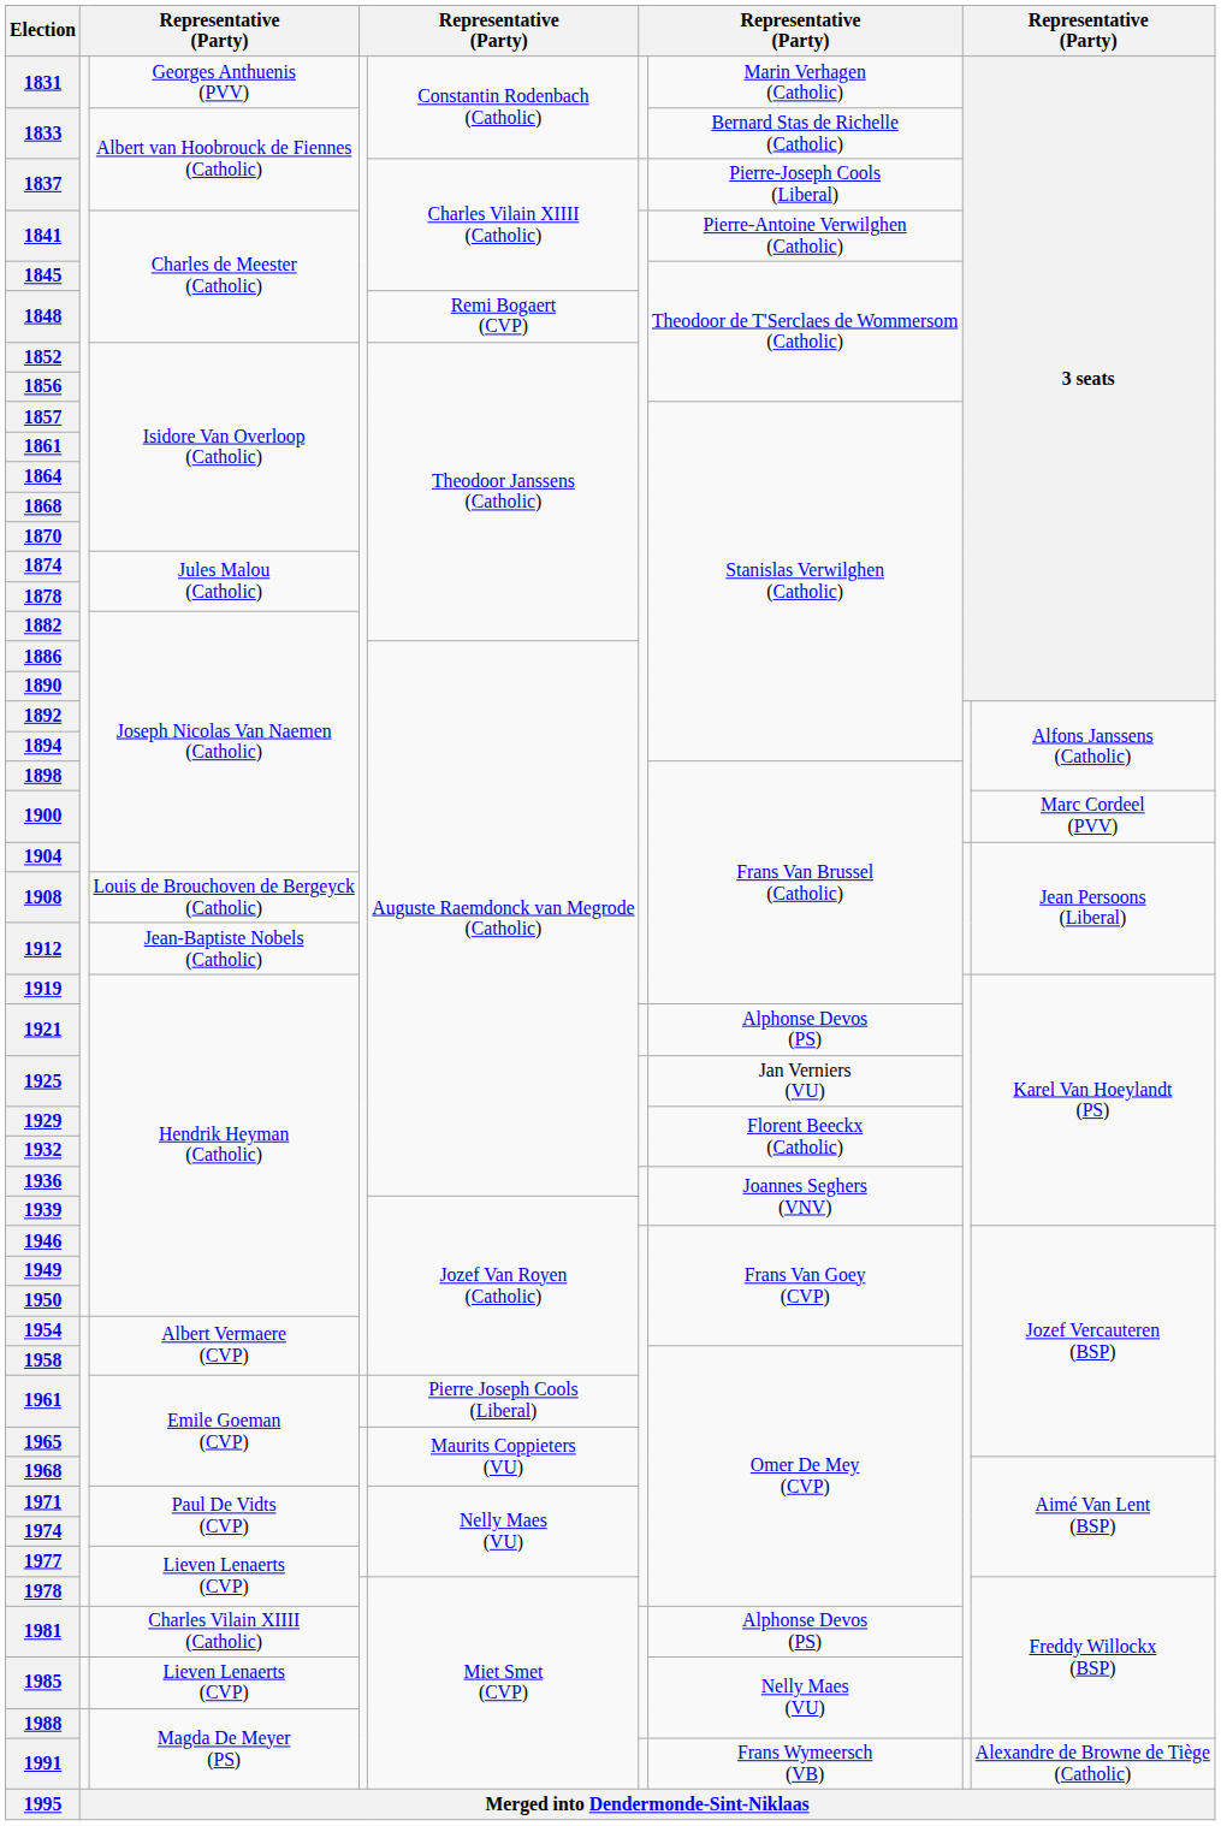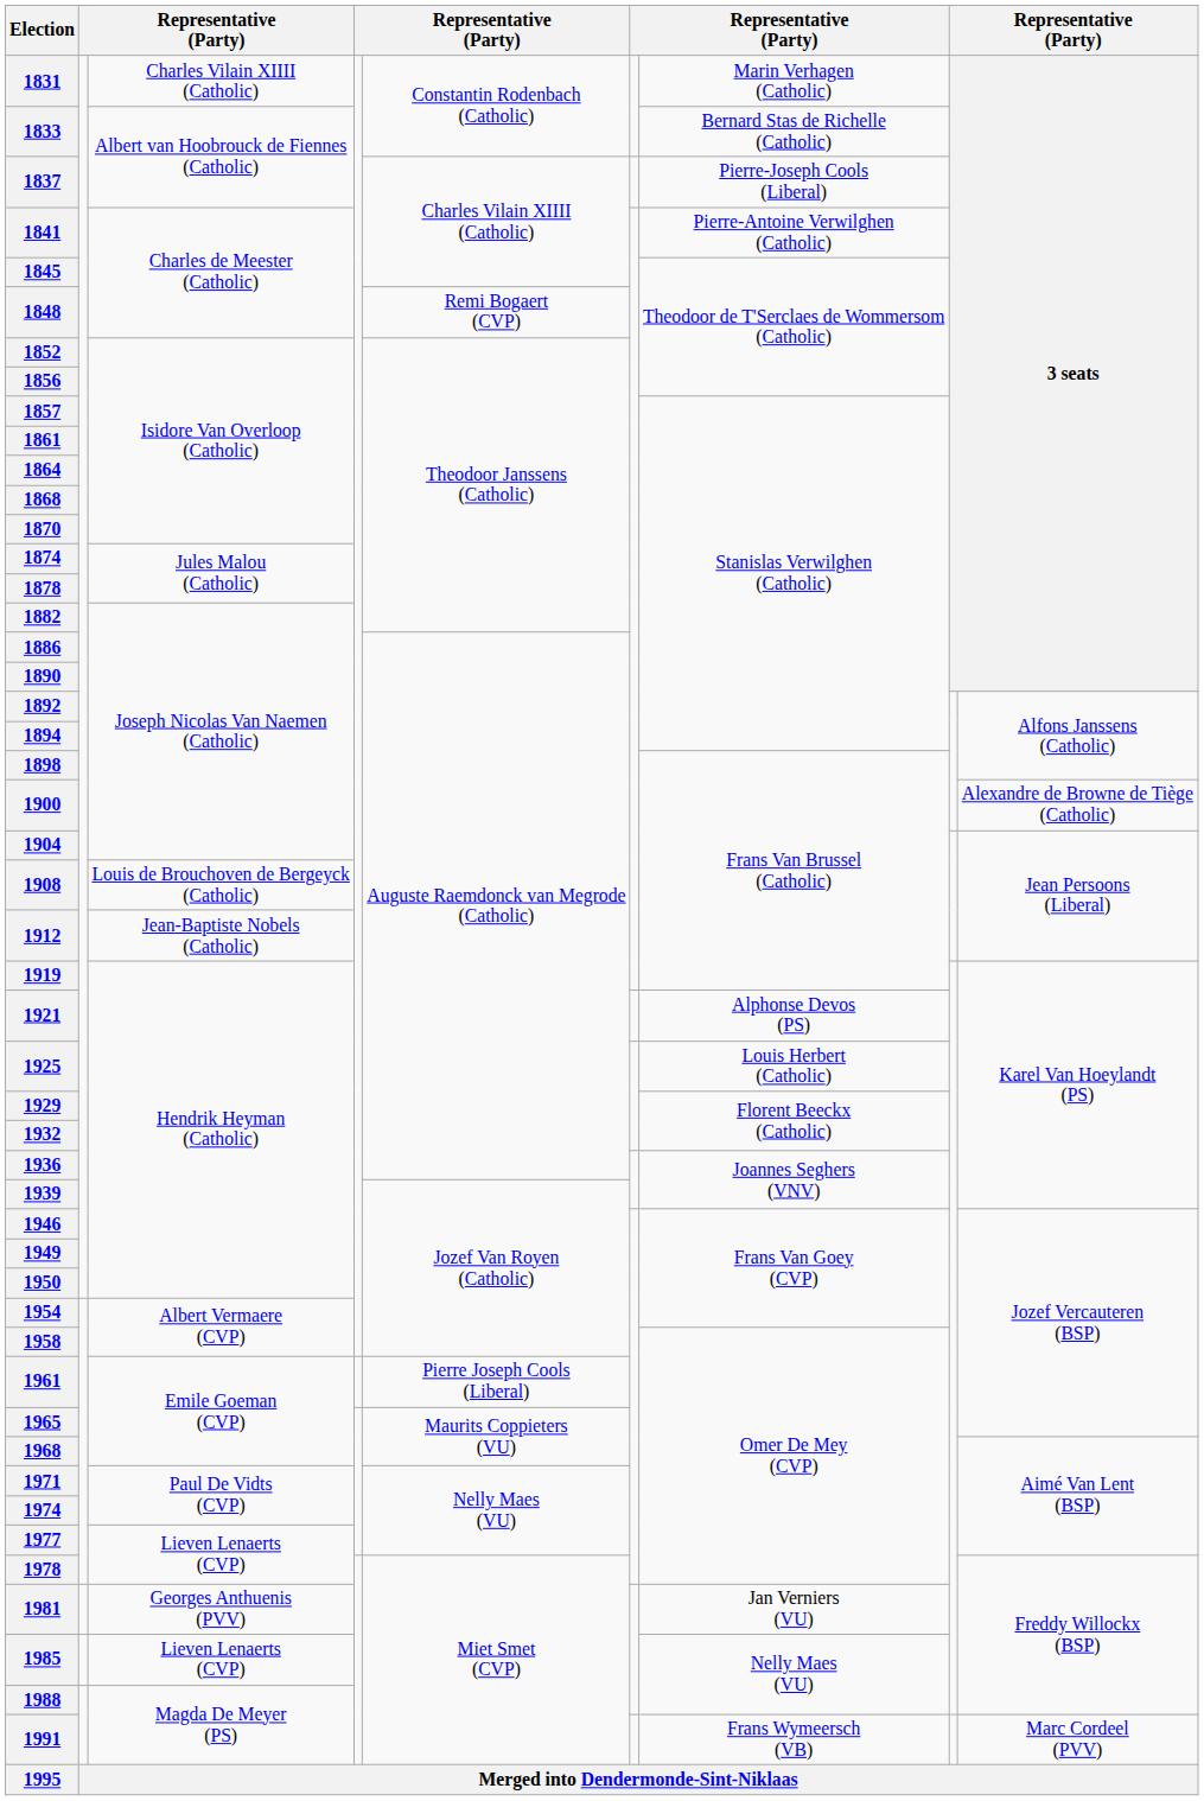 <table class="wikitable" style="text-align:center">
 <tr>
 <th>Election</th>
 <th colspan=2>Representative<br>(Party)</th>
 <th colspan=2>Representative<br>(Party)</th>
 <th colspan=2>Representative<br>(Party)</th>
 <th colspan=2>Representative<br>(Party)</th>
 </tr>
 <tr>
 <th><a href='#'>1831</a></th>
 <td rowspan=35; style="background-color: "></td>
-<td rowspan=1><a href='#'>Georges Anthuenis</a><br>(<a href='#'>PVV</a>)</td>
+<td rowspan=1><a href='#'>Charles Vilain XIIII</a><br>(<a href='#'>Catholic</a>)</td>
 <td rowspan=37; style="background-color: "></td>
 <td rowspan=2><a href='#'>Constantin Rodenbach</a><br>(<a href='#'>Catholic</a>)</td>
 <td rowspan=2; style="background-color: "></td>
 <td rowspan=1><a href='#'>Marin Verhagen</a><br>(<a href='#'>Catholic</a>)</td>
 <th colspan=2; rowspan=18>3 seats</th>
 </tr>
 <tr>
 <th><a href='#'>1833</a></th>
 <td rowspan=2><a href='#'>Albert van Hoobrouck de Fiennes</a><br>(<a href='#'>Catholic</a>)</td>
 <td rowspan=1><a href='#'>Bernard Stas de Richelle</a><br>(<a href='#'>Catholic</a>)</td>
 </tr>
 <tr>
 <th><a href='#'>1837</a></th>
 <td rowspan=3><a href='#'>Charles Vilain XIIII</a><br>(<a href='#'>Catholic</a>)</td>
 <td rowspan=1; style="background-color: "></td>
 <td rowspan=1><a href='#'>Pierre-Joseph Cools</a><br>(<a href='#'>Liberal</a>)</td>
 </tr>
 <tr>
 <th><a href='#'>1841</a></th>
 <td rowspan=3><a href='#'>Charles de Meester</a><br>(<a href='#'>Catholic</a>)</td>
 <td rowspan=23; style="background-color: "></td>
 <td rowspan=1><a href='#'>Pierre-Antoine Verwilghen</a><br>(<a href='#'>Catholic</a>)</td>
 </tr>
 <tr>
 <th><a href='#'>1845</a></th>
 <td rowspan=4><a href='#'>Theodoor de T'Serclaes de Wommersom</a><br>(<a href='#'>Catholic</a>)</td>
 </tr>
 <tr>
 <th><a href='#'>1848</a></th>
 <td rowspan=1><a href='#'>Remi Bogaert</a><br>(<a href='#'>CVP</a>)</td>
 </tr>
 <tr>
 <th><a href='#'>1852</a></th>
 <td rowspan=7><a href='#'>Isidore Van Overloop</a><br>(<a href='#'>Catholic</a>)</td>
 <td rowspan=10><a href='#'>Theodoor Janssens</a><br>(<a href='#'>Catholic</a>)</td>
 </tr>
 <tr>
 <th><a href='#'>1856</a></th>
 </tr>
 <tr>
 <th><a href='#'>1857</a></th>
 <td rowspan=12><a href='#'>Stanislas Verwilghen</a><br>(<a href='#'>Catholic</a>)</td>
 </tr>
 <tr>
 <th><a href='#'>1861</a></th>
 </tr>
 <tr>
 <th><a href='#'>1864</a></th>
 </tr>
 <tr>
 <th><a href='#'>1868</a></th>
 </tr>
 <tr>
 <th><a href='#'>1870</a></th>
 </tr>
 <tr>
 <th><a href='#'>1874</a></th>
 <td rowspan=2><a href='#'>Jules Malou</a><br>(<a href='#'>Catholic</a>)</td>
 </tr>
 <tr>
 <th><a href='#'>1878</a></th>
 </tr>
 <tr>
 <th><a href='#'>1882</a></th>
 <td rowspan=8><a href='#'>Joseph Nicolas Van Naemen</a><br>(<a href='#'>Catholic</a>)</td>
 </tr>
 <tr>
 <th><a href='#'>1886</a></th>
 <td rowspan=15><a href='#'>Auguste Raemdonck van Megrode</a><br>(<a href='#'>Catholic</a>)</td>
 </tr>
 <tr>
 <th><a href='#'>1890</a></th>
 </tr>
 <tr>
 <th><a href='#'>1892</a></th>
 <td rowspan=4; style="background-color: "></td>
 <td rowspan=3><a href='#'>Alfons Janssens</a><br>(<a href='#'>Catholic</a>)</td>
 </tr>
 <tr>
 <th><a href='#'>1894</a></th>
 </tr>
 <tr>
 <th><a href='#'>1898</a></th>
 <td rowspan=6><a href='#'>Frans Van Brussel</a><br>(<a href='#'>Catholic</a>)</td>
 </tr>
 <tr>
 <th><a href='#'>1900</a></th>
-<td rowspan=1><a href='#'>Marc Cordeel</a><br>(<a href='#'>PVV</a>)</td>
+<td rowspan=1><a href='#'>Alexandre de Browne de Tiège</a><br>(<a href='#'>Catholic</a>)</td>
 </tr>
 <tr>
 <th><a href='#'>1904</a></th>
 <td rowspan=3; style="background-color: "></td>
 <td rowspan=3><a href='#'>Jean Persoons</a><br>(<a href='#'>Liberal</a>)</td>
 </tr>
 <tr>
 <th><a href='#'>1908</a></th>
 <td rowspan=1><a href='#'>Louis de Brouchoven de Bergeyck</a><br>(<a href='#'>Catholic</a>)</td>
 </tr>
 <tr>
 <th><a href='#'>1912</a></th>
 <td rowspan=1><a href='#'>Jean-Baptiste Nobels</a><br>(<a href='#'>Catholic</a>)</td>
 </tr>
 <tr>
 <th><a href='#'>1919</a></th>
 <td rowspan=10><a href='#'>Hendrik Heyman</a><br>(<a href='#'>Catholic</a>)</td>
 <td rowspan=22; style="background-color: "></td>
 <td rowspan=7><a href='#'>Karel Van Hoeylandt</a><br>(<a href='#'>PS</a>)</td>
 </tr>
 <tr>
 <th><a href='#'>1921</a></th>
 <td rowspan=1; style="background-color: "></td>
 <td rowspan=1><a href='#'>Alphonse Devos</a><br>(<a href='#'>PS</a>)</td>
 </tr>
 <tr>
 <th><a href='#'>1925</a></th>
 <td rowspan=3; style="background-color: "></td>
-<td>Jan Verniers<br>(<a href='#'>VU</a>)</td>
+<td rowspan=1><a href='#'>Louis Herbert</a><br>(<a href='#'>Catholic</a>)</td>
 </tr>
 <tr>
 <th><a href='#'>1929</a></th>
 <td rowspan=2><a href='#'>Florent Beeckx</a><br>(<a href='#'>Catholic</a>)</td>
 </tr>
 <tr>
 <th><a href='#'>1932</a></th>
 </tr>
 <tr>
 <th><a href='#'>1936</a></th>
 <td rowspan=2; style="background-color: "></td>
 <td rowspan=2><a href='#'>Joannes Seghers</a><br>(<a href='#'>VNV</a>)</td>
 </tr>
 <tr>
 <th><a href='#'>1939</a></th>
 <td rowspan=6><a href='#'>Jozef Van Royen</a><br>(<a href='#'>Catholic</a>)</td>
 </tr>
 <tr>
 <th><a href='#'>1946</a></th>
 <td rowspan=12; style="background-color: "></td>
 <td rowspan=4><a href='#'>Frans Van Goey</a><br>(<a href='#'>CVP</a>)</td>
 <td rowspan=7><a href='#'>Jozef Vercauteren</a><br>(<a href='#'>BSP</a>)</td>
 </tr>
 <tr>
 <th><a href='#'>1949</a></th>
 </tr>
 <tr>
 <th><a href='#'>1950</a></th>
 </tr>
 <tr>
 <th><a href='#'>1954</a></th>
 <td rowspan=9; style="background-color: "></td>
 <td rowspan=2><a href='#'>Albert Vermaere</a><br>(<a href='#'>CVP</a>)</td>
 </tr>
 <tr>
 <th><a href='#'>1958</a></th>
 <td rowspan=8><a href='#'>Omer De Mey</a><br>(<a href='#'>CVP</a>)</td>
 </tr>
 <tr>
 <th><a href='#'>1961</a></th>
 <td rowspan=3><a href='#'>Emile Goeman</a><br>(<a href='#'>CVP</a>)</td>
 <td rowspan=1; style="background-color: "></td>
 <td rowspan=1><a href='#'>Pierre Joseph Cools</a><br>(<a href='#'>Liberal</a>)</td>
 </tr>
 <tr>
 <th><a href='#'>1965</a></th>
 <td rowspan=5; style="background-color: "></td>
 <td rowspan=2><a href='#'>Maurits Coppieters</a><br>(<a href='#'>VU</a>)</td>
 </tr>
 <tr>
 <th><a href='#'>1968</a></th>
 <td rowspan=4><a href='#'>Aimé Van Lent</a><br>(<a href='#'>BSP</a>)</td>
 </tr>
 <tr>
 <th><a href='#'>1971</a></th>
 <td rowspan=2><a href='#'>Paul De Vidts</a><br>(<a href='#'>CVP</a>)</td>
 <td rowspan=3><a href='#'>Nelly Maes</a><br>(<a href='#'>VU</a>)</td>
 </tr>
 <tr>
 <th><a href='#'>1974</a></th>
 </tr>
 <tr>
 <th><a href='#'>1977</a></th>
 <td rowspan=2><a href='#'>Lieven Lenaerts</a><br>(<a href='#'>CVP</a>)</td>
 </tr>
 <tr>
 <th><a href='#'>1978</a></th>
 <td rowspan=5; style="background-color: "></td>
 <td rowspan=5><a href='#'>Miet Smet</a><br>(<a href='#'>CVP</a>)</td>
 <td rowspan=4><a href='#'>Freddy Willockx</a><br>(<a href='#'>BSP</a>)</td>
 </tr>
 <tr>
 <th><a href='#'>1981</a></th>
 <td rowspan=1; style="background-color: "></td>
-<td rowspan=1><a href='#'>Charles Vilain XIIII</a><br>(<a href='#'>Catholic</a>)</td>
+<td rowspan=1><a href='#'>Georges Anthuenis</a><br>(<a href='#'>PVV</a>)</td>
 <td rowspan=3; style="background-color: "></td>
-<td rowspan=1><a href='#'>Alphonse Devos</a><br>(<a href='#'>PS</a>)</td>
+<td>Jan Verniers<br>(<a href='#'>VU</a>)</td>
 </tr>
 <tr>
 <th><a href='#'>1985</a></th>
 <td rowspan=1; style="background-color: "></td>
 <td rowspan=1><a href='#'>Lieven Lenaerts</a><br>(<a href='#'>CVP</a>)</td>
 <td rowspan=2><a href='#'>Nelly Maes</a><br>(<a href='#'>VU</a>)</td>
 </tr>
 <tr>
 <th><a href='#'>1988</a></th>
 <td rowspan=2; style="background-color: "></td>
 <td rowspan=2><a href='#'>Magda De Meyer</a><br>(<a href='#'>PS</a>)</td>
 </tr>
 <tr>
 <th><a href='#'>1991</a></th>
 <td rowspan=1; style="background-color: "></td>
 <td rowspan=1><a href='#'>Frans Wymeersch</a><br>(<a href='#'>VB</a>)</td>
 <td rowspan=1; style="background-color: "></td>
-<td rowspan=1><a href='#'>Alexandre de Browne de Tiège</a><br>(<a href='#'>Catholic</a>)</td>
+<td rowspan=1><a href='#'>Marc Cordeel</a><br>(<a href='#'>PVV</a>)</td>
 </tr>
 <tr>
 <th><a href='#'>1995</a></th>
 <th colspan=8>Merged into <a href='#'>Dendermonde-Sint-Niklaas</a></th>
 </tr>
 </table>
